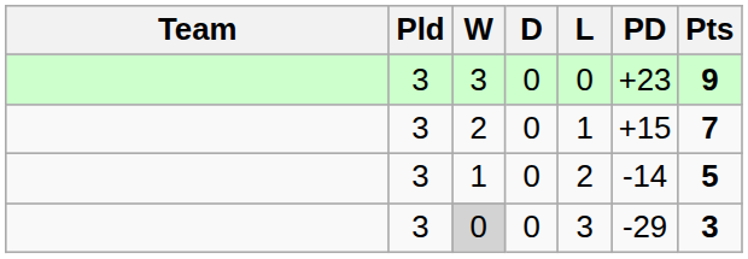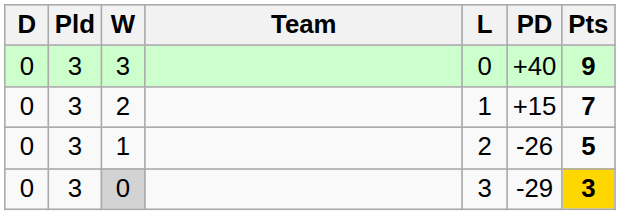 <table class="wikitable" style="text-align:center;">
 <tr>
-<th width="190">Team</th>
+<th width="20" abbr="Drawn">D</th>
 <th width="20" abbr="Played">Pld</th>
 <th width="20" abbr="Won">W</th>
-<th width="20" abbr="Drawn">D</th>
+<th width="190">Team</th>
 <th width="20" abbr="Lost">L</th>
 <th width="25" abbr="Points difference">PD</th>
 <th width="20" abbr="Points">Pts</th>
 </tr>
 <tr style="background:#ccffcc">
-<td align="left"></td>
+<td>0</td>
 <td>3</td>
 <td>3</td>
+<td align="left"></td>
 <td>0</td>
-<td>0</td>
-<td>+23</td>
+<td>+40</td>
 <td><strong>9</strong></td>
 </tr>
 <tr>
-<td align="left"></td>
+<td>0</td>
 <td>3</td>
 <td>2</td>
-<td>0</td>
+<td align="left"></td>
 <td>1</td>
 <td>+15</td>
 <td><strong>7</strong></td>
 </tr>
 <tr>
-<td align="left"></td>
+<td>0</td>
 <td>3</td>
 <td>1</td>
-<td>0</td>
+<td align="left"></td>
 <td>2</td>
-<td>-14</td>
+<td>-26</td>
 <td><strong>5</strong></td>
 </tr>
 <tr>
+<td>0</td>
+<td>3</td>
+<td style="background: lightgrey;">0</td>
 <td align="left"></td>
 <td>3</td>
-<td style="background: lightgrey;">0</td>
-<td>0</td>
-<td>3</td>
 <td>-29</td>
-<td><strong>3</strong></td>
+<td style="background: gold;"><strong>3</strong></td>
 </tr>
 </table>
